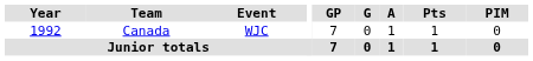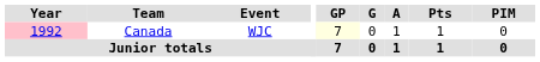 <table border="0" cellpadding="1" cellspacing="0" ID="Table3" style="text-align:center; width:40em">
 <tr bgcolor="#e0e0e0">
 <th>Year</th>
 <th>Team</th>
 <th>Event</th>
 <th rowspan="102" bgcolor="#ffffff"></th>
 <th>GP</th>
 <th>G</th>
 <th>A</th>
 <th>Pts</th>
 <th>PIM</th>
 </tr>
 <tr>
-<td><a href='#'>1992</a></td>
+<td style="background: pink;"><a href='#'>1992</a></td>
 <td><a href='#'>Canada</a></td>
 <td><a href='#'>WJC</a></td>
-<td>7</td>
+<td style="background: lightyellow;">7</td>
 <td>0</td>
 <td>1</td>
 <td>1</td>
 <td>0</td>
 </tr>
 <tr bgcolor="#e0e0e0">
 <th colspan="4">Junior totals</th>
 <th>7</th>
 <th>0</th>
 <th>1</th>
 <th>1</th>
 <th>0</th>
 </tr>
 </table>
